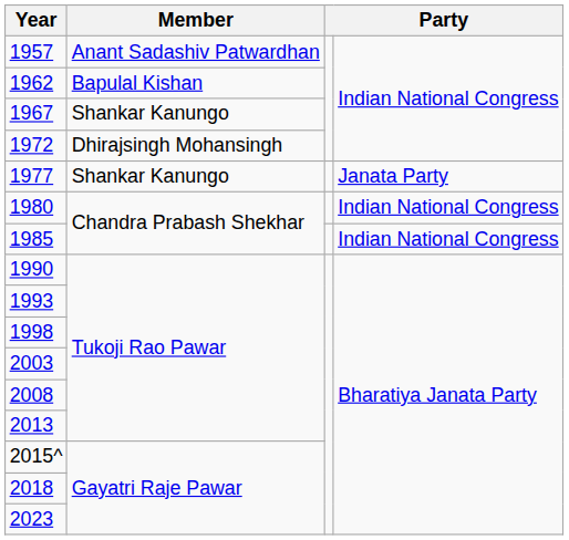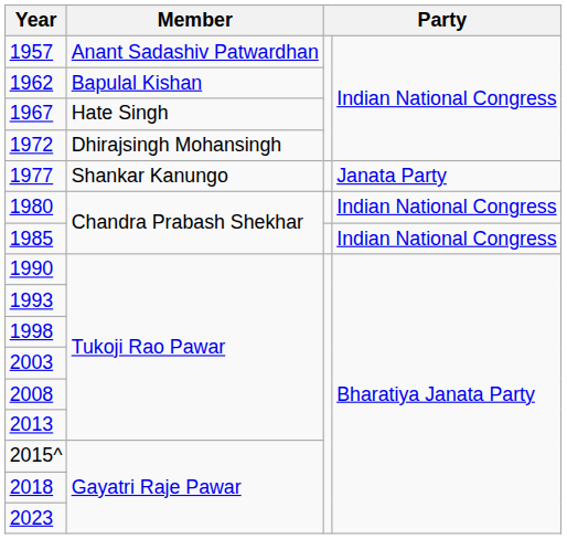 <table class="wikitable">
 <tr>
 <th>Year</th>
 <th>Member</th>
 <th colspan="2">Party</th>
 </tr>
 <tr>
 <td><a href='#'>1957</a></td>
 <td><a href='#'>Anant Sadashiv Patwardhan</a></td>
 <td rowspan="4" style="background-color: "></td>
 <td rowspan="4"><a href='#'>Indian National Congress</a></td>
 </tr>
 <tr>
 <td><a href='#'>1962</a></td>
 <td><a href='#'>Bapulal Kishan</a></td>
 </tr>
 <tr>
 <td><a href='#'>1967</a></td>
-<td>Shankar Kanungo</td>
+<td>Hate Singh</td>
 </tr>
 <tr>
 <td><a href='#'>1972</a></td>
 <td>Dhirajsingh Mohansingh</td>
 </tr>
 <tr>
 <td><a href='#'>1977</a></td>
 <td>Shankar Kanungo</td>
 <td style="background-color: "></td>
 <td><a href='#'>Janata Party</a></td>
 </tr>
 <tr>
 <td><a href='#'>1980</a></td>
 <td rowspan="2">Chandra Prabash Shekhar</td>
 <td style="background-color: "></td>
 <td><a href='#'>Indian National Congress</a></td>
 </tr>
 <tr>
 <td><a href='#'>1985</a></td>
 <td style="background-color: "></td>
 <td><a href='#'>Indian National Congress</a></td>
 </tr>
 <tr>
 <td><a href='#'>1990</a></td>
 <td rowspan="6"><a href='#'>Tukoji Rao Pawar</a></td>
 <td rowspan="9" style="background-color: "></td>
 <td rowspan="9"><a href='#'>Bharatiya Janata Party</a></td>
 </tr>
 <tr>
 <td><a href='#'>1993</a></td>
 </tr>
 <tr>
 <td><a href='#'>1998</a></td>
 </tr>
 <tr>
 <td><a href='#'>2003</a></td>
 </tr>
 <tr>
 <td><a href='#'>2008</a></td>
 </tr>
 <tr>
 <td><a href='#'>2013</a></td>
 </tr>
 <tr>
 <td>2015^</td>
 <td rowspan="3"><a href='#'>Gayatri Raje Pawar</a></td>
 </tr>
 <tr>
 <td><a href='#'>2018</a></td>
 </tr>
 <tr>
 <td><a href='#'>2023</a></td>
 </tr>
 </table>
